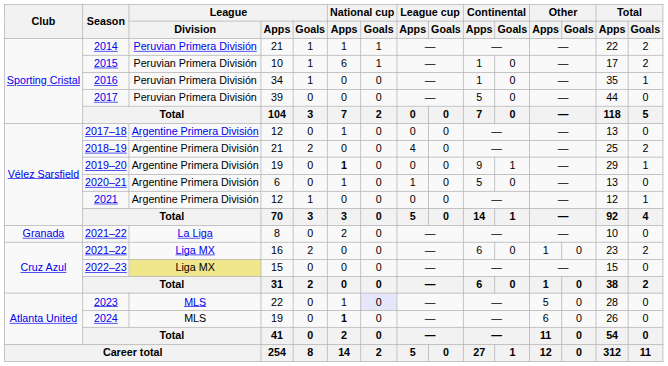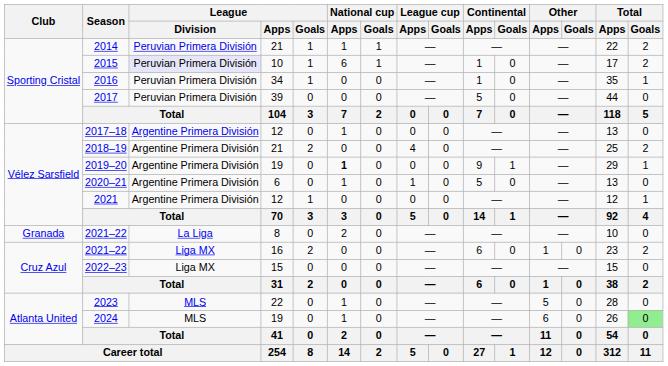 <table class="wikitable" style="text-align:center">
 <tr>
 <th rowspan="2">Club</th>
 <th rowspan="2">Season</th>
 <th colspan="3">League</th>
 <th colspan="2">National cup</th>
 <th colspan="2">League cup</th>
 <th colspan="2">Continental</th>
 <th colspan="2">Other</th>
 <th colspan="2">Total</th>
 </tr>
 <tr>
 <th>Division</th>
 <th>Apps</th>
 <th>Goals</th>
 <th>Apps</th>
 <th>Goals</th>
 <th>Apps</th>
 <th>Goals</th>
 <th>Apps</th>
 <th>Goals</th>
 <th>Apps</th>
 <th>Goals</th>
 <th>Apps</th>
 <th>Goals</th>
 </tr>
 <tr>
 <td rowspan="5"><a href='#'>Sporting Cristal</a></td>
 <td><a href='#'>2014</a></td>
 <td><a href='#'>Peruvian Primera División</a></td>
 <td>21</td>
 <td>1</td>
 <td>1</td>
 <td>1</td>
 <td colspan="2">—</td>
 <td colspan="2">—</td>
 <td colspan="2">—</td>
 <td>22</td>
 <td>2</td>
 </tr>
 <tr>
 <td><a href='#'>2015</a></td>
-<td>Peruvian Primera División</td>
+<td style="background: lavender;">Peruvian Primera División</td>
 <td>10</td>
 <td>1</td>
 <td>6</td>
 <td>1</td>
 <td colspan="2">—</td>
 <td>1</td>
 <td>0</td>
 <td colspan="2">—</td>
 <td>17</td>
 <td>2</td>
 </tr>
 <tr>
 <td><a href='#'>2016</a></td>
 <td>Peruvian Primera División</td>
 <td>34</td>
 <td>1</td>
 <td>0</td>
 <td>0</td>
 <td colspan="2">—</td>
 <td>1</td>
 <td>0</td>
 <td colspan="2">—</td>
 <td>35</td>
 <td>1</td>
 </tr>
 <tr>
 <td><a href='#'>2017</a></td>
 <td>Peruvian Primera División</td>
 <td>39</td>
 <td>0</td>
 <td>0</td>
 <td>0</td>
 <td colspan="2">—</td>
 <td>5</td>
 <td>0</td>
 <td colspan="2">—</td>
 <td>44</td>
 <td>0</td>
 </tr>
 <tr>
 <th colspan="2">Total</th>
 <th>104</th>
 <th>3</th>
 <th>7</th>
 <th>2</th>
 <th>0</th>
 <th>0</th>
 <th>7</th>
 <th>0</th>
 <th colspan="2">—</th>
 <th>118</th>
 <th>5</th>
 </tr>
 <tr>
 <td rowspan="6"><a href='#'>Vélez Sarsfield</a></td>
 <td><a href='#'>2017–18</a></td>
 <td><a href='#'>Argentine Primera División</a></td>
 <td>12</td>
 <td>0</td>
 <td>1</td>
 <td>0</td>
 <td>0</td>
 <td>0</td>
 <td colspan="2">—</td>
 <td colspan="2">—</td>
 <td>13</td>
 <td>0</td>
 </tr>
 <tr>
 <td><a href='#'>2018–19</a></td>
 <td>Argentine Primera División</td>
 <td>21</td>
 <td>2</td>
 <td>0</td>
 <td>0</td>
 <td>4</td>
 <td>0</td>
 <td colspan="2">—</td>
 <td colspan="2">—</td>
 <td>25</td>
 <td>2</td>
 </tr>
 <tr>
 <td><a href='#'>2019–20</a></td>
 <td>Argentine Primera División</td>
 <td>19</td>
 <td>0</td>
 <td><strong>1</strong></td>
 <td>0</td>
 <td>0</td>
 <td>0</td>
 <td>9</td>
 <td>1</td>
 <td colspan="2">—</td>
 <td>29</td>
 <td>1</td>
 </tr>
 <tr>
 <td><a href='#'>2020–21</a></td>
 <td>Argentine Primera División</td>
 <td>6</td>
 <td>0</td>
 <td>1</td>
 <td>0</td>
 <td>1</td>
 <td>0</td>
 <td>5</td>
 <td>0</td>
 <td colspan="2">—</td>
 <td>13</td>
 <td>0</td>
 </tr>
 <tr>
 <td><a href='#'>2021</a></td>
 <td>Argentine Primera División</td>
 <td>12</td>
 <td>1</td>
 <td>0</td>
 <td>0</td>
 <td>0</td>
 <td>0</td>
 <td colspan="2">—</td>
 <td colspan="2">—</td>
 <td>12</td>
 <td>1</td>
 </tr>
 <tr>
 <th colspan="2">Total</th>
 <th>70</th>
 <th>3</th>
 <th>3</th>
 <th>0</th>
 <th>5</th>
 <th>0</th>
 <th>14</th>
 <th>1</th>
 <th colspan="2">—</th>
 <th>92</th>
 <th>4</th>
 </tr>
 <tr>
 <td><a href='#'>Granada</a></td>
 <td><a href='#'>2021–22</a></td>
 <td><a href='#'>La Liga</a></td>
 <td>8</td>
 <td>0</td>
 <td>2</td>
 <td>0</td>
 <td colspan="2">—</td>
 <td colspan="2">—</td>
 <td colspan="2">—</td>
 <td>10</td>
 <td>0</td>
 </tr>
 <tr>
 <td rowspan="3"><a href='#'>Cruz Azul</a></td>
 <td><a href='#'>2021–22</a></td>
 <td><a href='#'>Liga MX</a></td>
 <td>16</td>
 <td>2</td>
 <td>0</td>
 <td>0</td>
 <td colspan="2">—</td>
 <td>6</td>
 <td>0</td>
 <td>1</td>
 <td>0</td>
 <td>23</td>
 <td>2</td>
 </tr>
 <tr>
 <td><a href='#'>2022–23</a></td>
-<td style="background: khaki;">Liga MX</td>
+<td>Liga MX</td>
 <td>15</td>
 <td>0</td>
 <td>0</td>
 <td>0</td>
 <td colspan="2">—</td>
 <td colspan="2">—</td>
 <td colspan="2">—</td>
 <td>15</td>
 <td>0</td>
 </tr>
 <tr>
 <th colspan="2">Total</th>
 <th>31</th>
 <th>2</th>
 <th>0</th>
 <th>0</th>
 <th colspan="2">—</th>
 <th>6</th>
 <th>0</th>
 <th>1</th>
 <th>0</th>
 <th>38</th>
 <th>2</th>
 </tr>
 <tr>
 <td rowspan="3"><a href='#'>Atlanta United</a></td>
 <td><a href='#'>2023</a></td>
 <td><a href='#'>MLS</a></td>
 <td>22</td>
 <td>0</td>
 <td>1</td>
-<td style="background: lavender;">0</td>
+<td>0</td>
 <td colspan="2">—</td>
 <td colspan="2">—</td>
 <td>5</td>
 <td>0</td>
 <td>28</td>
 <td>0</td>
 </tr>
 <tr>
 <td><a href='#'>2024</a></td>
 <td>MLS</td>
 <td>19</td>
 <td>0</td>
-<td><strong>1</strong></td>
+<td>1</td>
 <td>0</td>
 <td colspan="2">—</td>
 <td colspan="2">—</td>
 <td>6</td>
 <td>0</td>
 <td>26</td>
-<td>0</td>
+<td style="background: lightgreen;">0</td>
 </tr>
 <tr>
 <th colspan="2">Total</th>
 <th>41</th>
 <th>0</th>
 <th>2</th>
 <th>0</th>
 <th colspan="2">—</th>
 <th colspan="2">—</th>
 <th>11</th>
 <th>0</th>
 <th>54</th>
 <th>0</th>
 </tr>
 <tr>
 <th colspan="3">Career total</th>
 <th>254</th>
 <th>8</th>
 <th>14</th>
 <th>2</th>
 <th>5</th>
 <th>0</th>
 <th>27</th>
 <th>1</th>
 <th>12</th>
 <th>0</th>
 <th>312</th>
 <th>11</th>
 </tr>
 </table>
